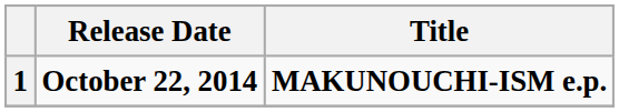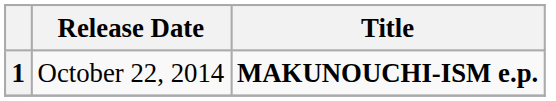 <table class="wikitable" style="font-size:small">
 <tr>
 <th></th>
 <th>Release Date</th>
 <th>Title</th>
 </tr>
 <tr>
 <th>1</th>
-<td><strong>October 22, 2014</strong></td>
+<td>October 22, 2014</td>
 <td><strong>MAKUNOUCHI-ISM e.p.</strong></td>
 </tr>
 <tr>
 </tr>
 </table>
